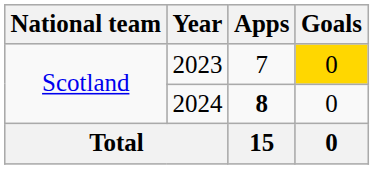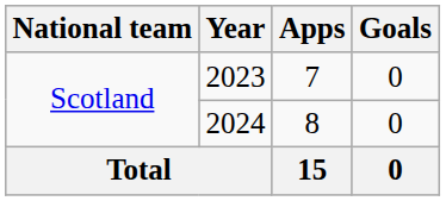 <table class="wikitable" style="text-align:center">
 <tr>
 <th>National team</th>
 <th>Year</th>
 <th>Apps</th>
 <th>Goals</th>
 </tr>
 <tr>
 <td rowspan=2><a href='#'>Scotland</a></td>
 <td>2023</td>
 <td>7</td>
-<td style="background: gold;">0</td>
+<td>0</td>
 </tr>
 <tr>
 <td>2024</td>
-<td><strong>8</strong></td>
+<td>8</td>
 <td>0</td>
 </tr>
 <tr>
 <th colspan=2>Total</th>
 <th>15</th>
 <th>0</th>
 </tr>
 </table>
